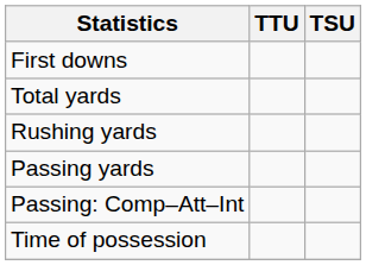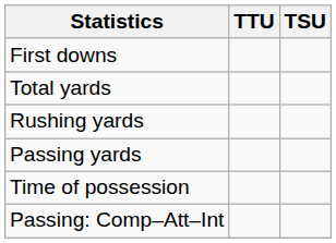 <table class="wikitable" style="float: left;">
 <tr>
 <th>Statistics</th>
 <th>TTU</th>
 <th>TSU</th>
 </tr>
 <tr>
 <td>First downs</td>
 <td></td>
 <td></td>
 </tr>
 <tr>
 <td>Total yards</td>
 <td></td>
 <td></td>
 </tr>
 <tr>
 <td>Rushing yards</td>
 <td></td>
 <td></td>
 </tr>
 <tr>
 <td>Passing yards</td>
 <td></td>
 <td></td>
 </tr>
 <tr>
-<td>Passing: Comp–Att–Int</td>
+<td>Time of possession</td>
 <td></td>
 <td></td>
 </tr>
 <tr>
-<td>Time of possession</td>
+<td>Passing: Comp–Att–Int</td>
 <td></td>
 <td></td>
 </tr>
 <tr>
 </tr>
 </table>
